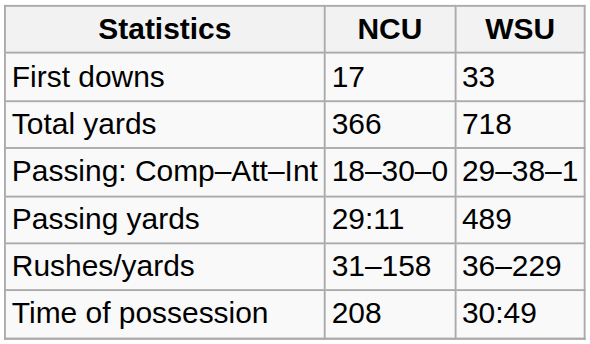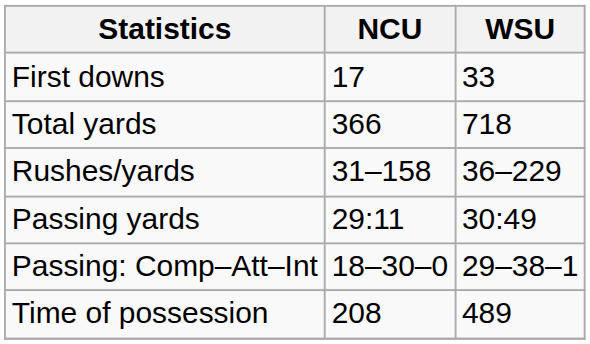 <table class="wikitable" style="float: left;">
 <tr>
 <th>Statistics</th>
 <th>NCU</th>
 <th>WSU</th>
 </tr>
 <tr>
 <td>First downs</td>
 <td>17</td>
 <td>33</td>
 </tr>
 <tr>
 <td>Total yards</td>
 <td>366</td>
 <td>718</td>
 </tr>
 <tr>
+<td>Rushes/yards</td>
+<td>31–158</td>
+<td>36–229</td>
+</tr>
+<tr>
+<td>Passing yards</td>
+<td>29:11</td>
+<td>30:49</td>
+</tr>
+<tr>
 <td>Passing: Comp–Att–Int</td>
 <td>18–30–0</td>
 <td>29–38–1</td>
 </tr>
 <tr>
-<td>Passing yards</td>
-<td>29:11</td>
-<td>489</td>
-</tr>
-<tr>
-<td>Rushes/yards</td>
-<td>31–158</td>
-<td>36–229</td>
-</tr>
-<tr>
 <td>Time of possession</td>
 <td>208</td>
-<td>30:49</td>
+<td>489</td>
 </tr>
 <tr>
 </tr>
 </table>
